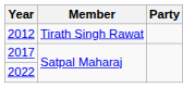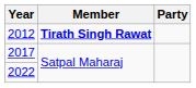 <table class="wikitable sortable">
 <tr>
 <th>Year</th>
 <th>Member</th>
 <th colspan="2">Party</th>
 </tr>
 <tr>
 <td><a href='#'>2012</a></td>
-<td><a href='#'>Tirath Singh Rawat</a></td>
+<td><strong><a href='#'>Tirath Singh Rawat</a></strong></td>
 <td></td>
 </tr>
 <tr>
 <td><a href='#'>2017</a></td>
 <td rowspan=2><a href='#'>Satpal Maharaj</a></td>
 </tr>
 <tr>
 <td><a href='#'>2022</a></td>
 </tr>
 </table>
